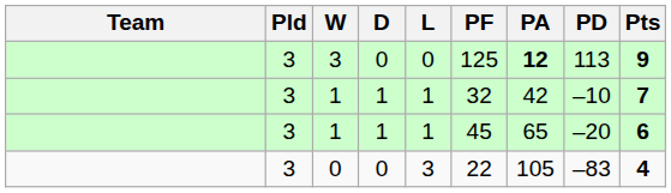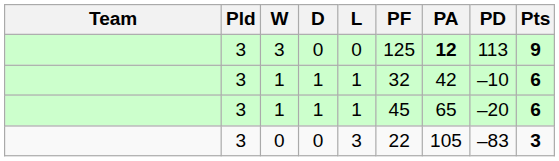 <table class="wikitable" style="text-align:center;">
 <tr>
 <th width=175>Team</th>
 <th width=25 abbr="Played">Pld</th>
 <th width=25 abbr="Won">W</th>
 <th width=25 abbr="Drawn">D</th>
 <th width=25 abbr="Lost">L</th>
 <th width=32 abbr="Points for">PF</th>
 <th width=32 abbr="Points against">PA</th>
 <th width=32 abbr="Points difference">PD</th>
 <th width=25 abbr="Points">Pts</th>
 </tr>
 <tr bgcolor=ccffcc>
 <td align=left></td>
 <td>3</td>
 <td>3</td>
 <td>0</td>
 <td>0</td>
 <td>125</td>
 <td><strong>12</strong></td>
 <td>113</td>
 <td><strong>9</strong></td>
 </tr>
 <tr bgcolor=ccffcc>
 <td align=left></td>
 <td>3</td>
 <td>1</td>
 <td>1</td>
 <td>1</td>
 <td>32</td>
 <td>42</td>
 <td>–10</td>
-<td><strong>7</strong></td>
+<td><strong>6</strong></td>
 </tr>
 <tr bgcolor=ccffcc>
 <td align=left></td>
 <td>3</td>
 <td>1</td>
 <td>1</td>
 <td>1</td>
 <td>45</td>
 <td>65</td>
 <td>–20</td>
 <td><strong>6</strong></td>
 </tr>
 <tr>
 <td align=left></td>
 <td>3</td>
 <td>0</td>
 <td>0</td>
 <td>3</td>
 <td>22</td>
 <td>105</td>
 <td>–83</td>
-<td><strong>4</strong></td>
+<td><strong>3</strong></td>
 </tr>
 </table>
